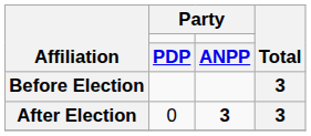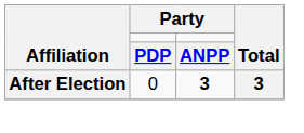 <table class=wikitable style="text-align:center">
 <tr style="vertical-align:bottom;">
 <th rowspan=3>Affiliation</th>
 <th colspan=2>Party</th>
 <th rowspan=3>Total</th>
 </tr>
 <tr>
 <td style="background-color:"></td>
 <td style="background-color:"></td>
 </tr>
 <tr>
 <th><a href='#'>PDP</a></th>
 <th><a href='#'>ANPP</a></th>
 </tr>
 <tr>
-<th>Before Election</th>
-<td></td>
-<td></td>
-<th>3</th>
-</tr>
-<tr>
 <th>After Election</th>
 <td>0</td>
 <td><strong>3</strong></td>
 <th>3</th>
 </tr>
 <tr>
 </tr>
 </table>
